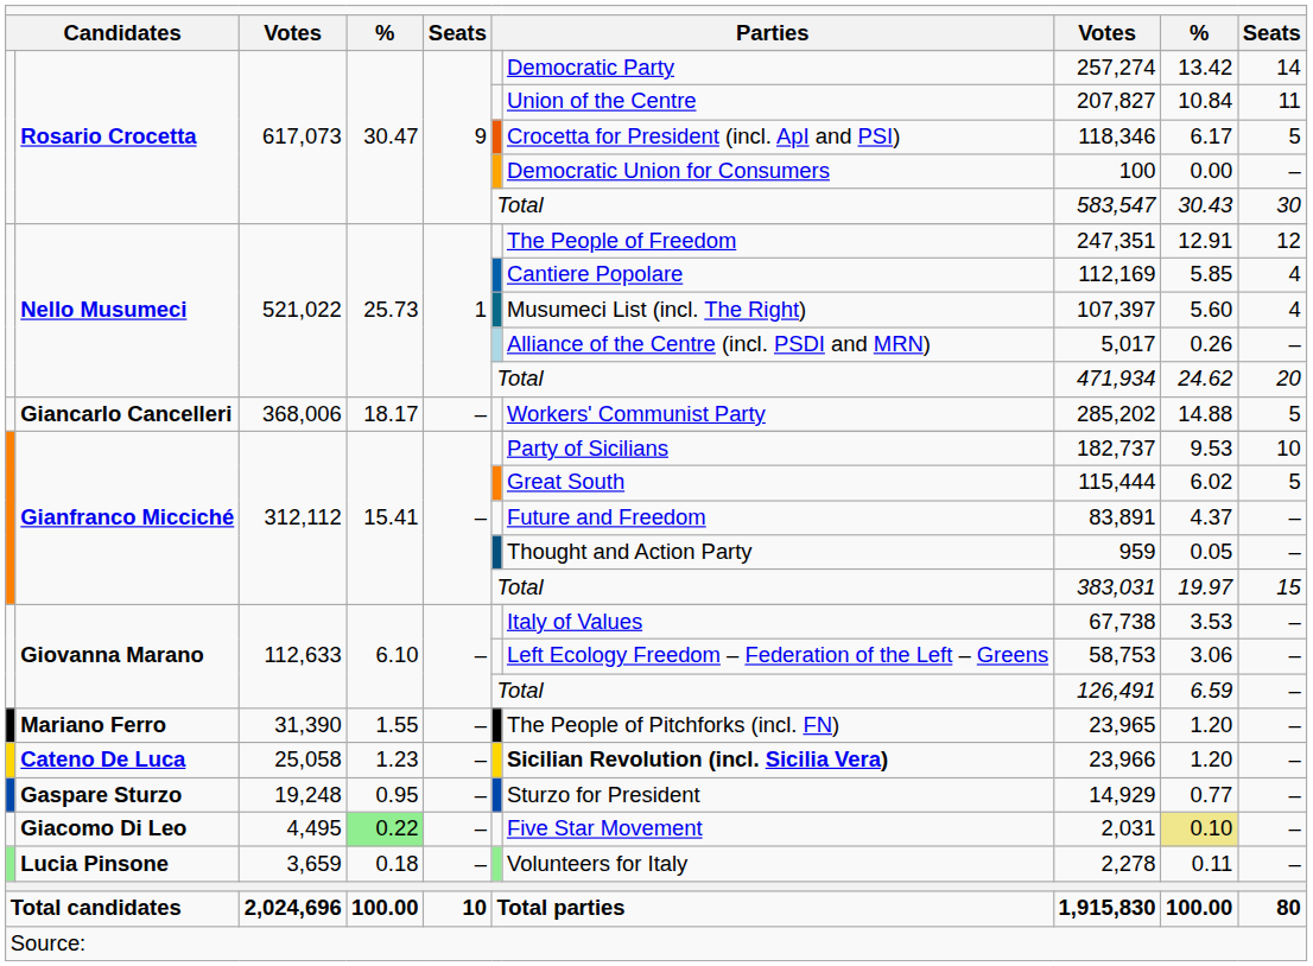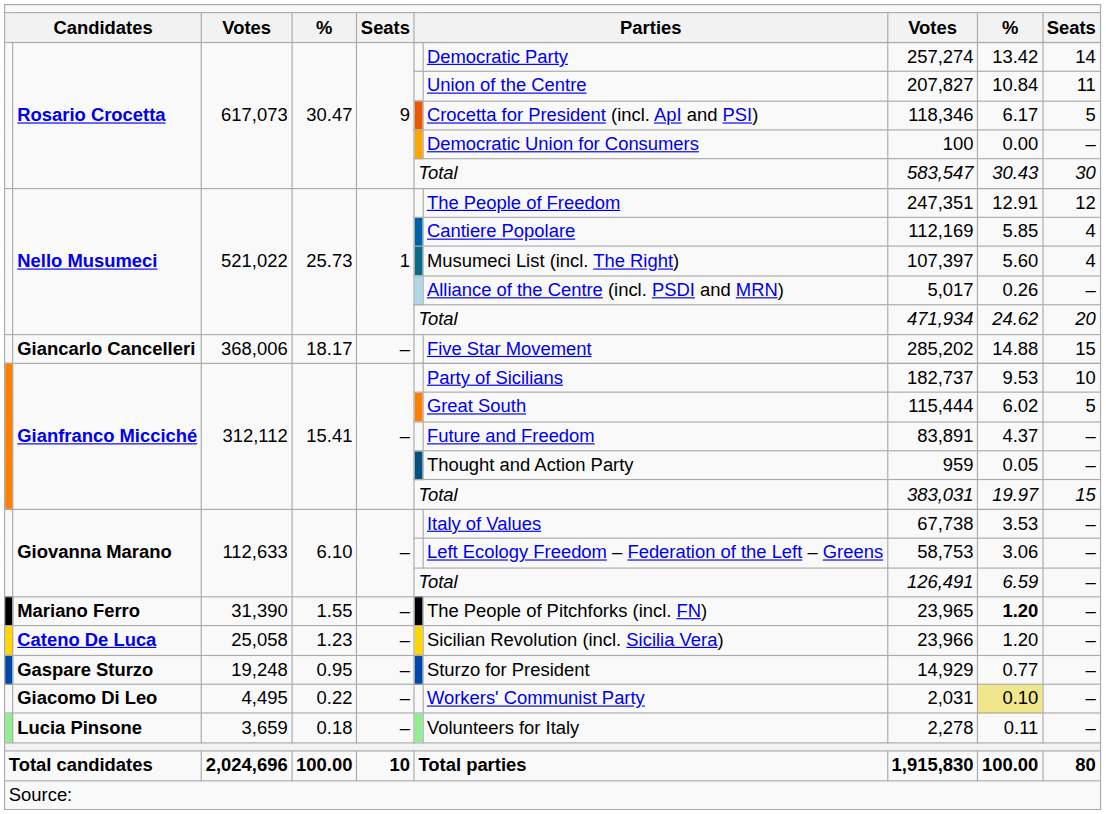 <table class="wikitable">
 <tr>
 <td colspan=10></td>
 </tr>
 <tr>
 <th colspan=2>Candidates</th>
 <th>Votes</th>
 <th>%</th>
 <th>Seats</th>
 <th colspan=2>Parties</th>
 <th>Votes</th>
 <th>%</th>
 <th>Seats</th>
 </tr>
 <tr>
 <td rowspan=6></td>
 <td rowspan=6><strong><a href='#'>Rosario Crocetta</a></strong></td>
 <td rowspan=6 align=right>617,073</td>
 <td rowspan=6 align=right>30.47</td>
 <td rowspan=6 align=right>9</td>
 </tr>
 <tr>
 <td></td>
 <td><a href='#'>Democratic Party</a></td>
 <td align=right>257,274</td>
 <td align=right>13.42</td>
 <td align=right>14</td>
 </tr>
 <tr>
 <td></td>
 <td><a href='#'>Union of the Centre</a></td>
 <td align=right>207,827</td>
 <td align=right>10.84</td>
 <td align=right>11</td>
 </tr>
 <tr>
 <td bgcolor="#EC5800"></td>
 <td><a href='#'>Crocetta for President</a> (incl. <a href='#'>ApI</a> and <a href='#'>PSI</a>)</td>
 <td align=right>118,346</td>
 <td align=right>6.17</td>
 <td align=right>5</td>
 </tr>
 <tr>
 <td bgcolor="orange"></td>
 <td><a href='#'>Democratic Union for Consumers</a></td>
 <td align=right>100</td>
 <td align=right>0.00</td>
 <td align=right>–</td>
 </tr>
 <tr>
 <td colspan=2><em>Total</em></td>
 <td align=right><em>583,547</em></td>
 <td align=right><em>30.43</em></td>
 <td align=right><em>30</em></td>
 </tr>
 <tr>
 <td rowspan=6></td>
 <td rowspan=6><strong><a href='#'>Nello Musumeci</a></strong></td>
 <td rowspan=6 align=right>521,022</td>
 <td rowspan=6 align=right>25.73</td>
 <td rowspan=6 align=right>1</td>
 </tr>
 <tr>
 <td></td>
 <td align="left"><a href='#'>The People of Freedom</a></td>
 <td align=right>247,351</td>
 <td align=right>12.91</td>
 <td align=right>12</td>
 </tr>
 <tr>
 <td bgcolor="#0060AA"></td>
 <td align="left"><a href='#'>Cantiere Popolare</a></td>
 <td align=right>112,169</td>
 <td align=right>5.85</td>
 <td align=right>4</td>
 </tr>
 <tr>
 <td bgcolor="#086A87"></td>
 <td align="left">Musumeci List (incl. <a href='#'>The Right</a>)</td>
 <td align=right>107,397</td>
 <td align=right>5.60</td>
 <td align=right>4</td>
 </tr>
 <tr>
 <td bgcolor="lightblue"></td>
 <td align="left"><a href='#'>Alliance of the Centre</a> (incl. <a href='#'>PSDI</a> and <a href='#'>MRN</a>)</td>
 <td align=right>5,017</td>
 <td align=right>0.26</td>
 <td align=right>–</td>
 </tr>
 <tr>
 <td colspan=2><em>Total</em></td>
 <td align=right><em>471,934</em></td>
 <td align=right><em>24.62</em></td>
 <td align=right><em>20</em></td>
 </tr>
 <tr>
 <td></td>
 <td><strong>Giancarlo Cancelleri</strong></td>
 <td align=right>368,006</td>
 <td align=right>18.17</td>
 <td align=right>–</td>
 <td></td>
-<td><a href='#'>Workers' Communist Party</a></td>
+<td><a href='#'>Five Star Movement</a></td>
 <td align=right>285,202</td>
 <td align=right>14.88</td>
-<td align=right>5</td>
+<td align=right>15</td>
 </tr>
 <tr>
 <td rowspan=6 bgcolor="#FF7F00"></td>
 <td rowspan=6><strong><a href='#'>Gianfranco Micciché</a></strong></td>
 <td rowspan=6 align=right>312,112</td>
 <td rowspan=6 align=right>15.41</td>
 <td rowspan=6 align=right>–</td>
 </tr>
 <tr>
 <td></td>
 <td align="left"><a href='#'>Party of Sicilians</a></td>
 <td align=right>182,737</td>
 <td align=right>9.53</td>
 <td align=right>10</td>
 </tr>
 <tr>
 <td bgcolor="#FF7F00"></td>
 <td align="left"><a href='#'>Great South</a></td>
 <td align=right>115,444</td>
 <td align=right>6.02</td>
 <td align=right>5</td>
 </tr>
 <tr>
 <td></td>
 <td align="left"><a href='#'>Future and Freedom</a></td>
 <td align=right>83,891</td>
 <td align=right>4.37</td>
 <td align=right>–</td>
 </tr>
 <tr>
 <td bgcolor="#05517E"></td>
 <td align="left">Thought and Action Party</td>
 <td align=right>959</td>
 <td align=right>0.05</td>
 <td align=right>–</td>
 </tr>
 <tr>
 <td colspan=2><em>Total</em></td>
 <td align=right><em>383,031</em></td>
 <td align=right><em>19.97</em></td>
 <td align=right><em>15</em></td>
 </tr>
 <tr>
 <td rowspan=4></td>
 <td rowspan=4><strong>Giovanna Marano</strong></td>
 <td rowspan=4 align=right>112,633</td>
 <td rowspan=4 align=right>6.10</td>
 <td rowspan=4 align=right>–</td>
 </tr>
 <tr>
 <td></td>
 <td align="left"><a href='#'>Italy of Values</a></td>
 <td align=right>67,738</td>
 <td align=right>3.53</td>
 <td align=right>–</td>
 </tr>
 <tr>
 <td></td>
 <td align="left"><a href='#'>Left Ecology Freedom</a> – <a href='#'>Federation of the Left</a> – <a href='#'>Greens</a></td>
 <td align=right>58,753</td>
 <td align=right>3.06</td>
 <td align=right>–</td>
 </tr>
 <tr>
 <td colspan=2><em>Total</em></td>
 <td align=right><em>126,491</em></td>
 <td align=right><em>6.59</em></td>
 <td align=right><em>–</em></td>
 </tr>
 <tr>
 <td bgcolor="#000000"></td>
 <td><strong>Mariano Ferro</strong></td>
 <td align=right>31,390</td>
 <td align=right>1.55</td>
 <td align=right>–</td>
 <td bgcolor="#000000"></td>
 <td>The People of Pitchforks (incl. <a href='#'>FN</a>)</td>
 <td align=right>23,965</td>
-<td align=right>1.20</td>
+<td align=right><strong>1.20</strong></td>
 <td align=right>–</td>
 </tr>
 <tr>
 <td bgcolor="gold"></td>
 <td><strong><a href='#'>Cateno De Luca</a></strong></td>
 <td align=right>25,058</td>
 <td align=right>1.23</td>
 <td align=right>–</td>
 <td bgcolor="gold"></td>
-<td><strong>Sicilian Revolution (incl. <a href='#'>Sicilia Vera</a>)</strong></td>
+<td>Sicilian Revolution (incl. <a href='#'>Sicilia Vera</a>)</td>
 <td align=right>23,966</td>
 <td align=right>1.20</td>
 <td align=right>–</td>
 </tr>
 <tr>
 <td bgcolor="#0047AB"></td>
 <td><strong>Gaspare Sturzo</strong></td>
 <td align=right>19,248</td>
 <td align=right>0.95</td>
 <td align=right>–</td>
 <td bgcolor="#0047Ab"></td>
 <td>Sturzo for President</td>
 <td align=right>14,929</td>
 <td align=right>0.77</td>
 <td align=right>–</td>
 </tr>
 <tr>
 <td></td>
 <td><strong>Giacomo Di Leo</strong></td>
 <td align=right>4,495</td>
-<td align=right style="background: lightgreen;">0.22</td>
+<td align=right>0.22</td>
 <td align=right>–</td>
 <td></td>
-<td><a href='#'>Five Star Movement</a></td>
+<td><a href='#'>Workers' Communist Party</a></td>
 <td align=right>2,031</td>
 <td align=right style="background: khaki;">0.10</td>
 <td align=right>–</td>
 </tr>
 <tr>
 <td bgcolor="lightgreen"></td>
 <td><strong>Lucia Pinsone</strong></td>
 <td align=right>3,659</td>
 <td align=right>0.18</td>
 <td align=right>–</td>
 <td bgcolor="lightgreen"></td>
 <td>Volunteers for Italy</td>
 <td align=right>2,278</td>
 <td align=right>0.11</td>
 <td align=right>–</td>
 </tr>
 <tr>
 <th colspan=10></th>
 </tr>
 <tr>
 <td colspan=2><strong>Total candidates</strong></td>
 <td align=right><strong>2,024,696</strong></td>
 <td align=right><strong>100.00</strong></td>
 <td align=right><strong>10</strong></td>
 <td colspan=2><strong>Total parties</strong></td>
 <td align=right><strong>1,915,830</strong></td>
 <td align=right><strong>100.00</strong></td>
 <td align=right><strong>80</strong></td>
 </tr>
 <tr>
 <td colspan=10>Source: </td>
 </tr>
 </table>
